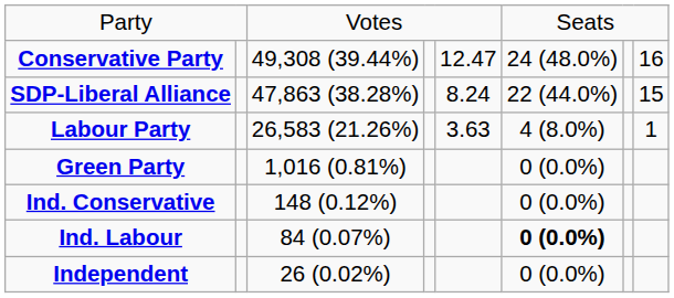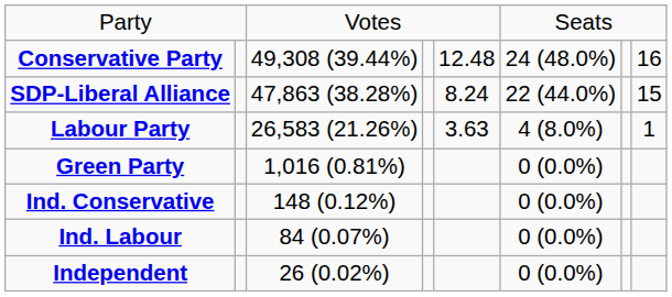 <table class=wikitable style="text-align:center;">
 <tr>
 <td colspan=2>Party</td>
 <td colspan=3>Votes</td>
 <td colspan=3>Seats</td>
 </tr>
 <tr>
 <td><strong><a href='#'>Conservative Party</a></strong></td>
 <td style="background:"></td>
 <td>49,308 (39.44%)</td>
 <td></td>
-<td>12.47</td>
+<td>12.48</td>
 <td>24 (48.0%)</td>
 <td></td>
 <td>16</td>
 </tr>
 <tr>
 <td><strong><a href='#'>SDP-Liberal Alliance</a></strong></td>
 <td style="background:"></td>
 <td>47,863 (38.28%)</td>
 <td></td>
 <td>8.24</td>
 <td>22 (44.0%)</td>
 <td></td>
 <td>15</td>
 </tr>
 <tr>
 <td><strong><a href='#'>Labour Party</a></strong></td>
 <td style="background:"></td>
 <td>26,583 (21.26%)</td>
 <td></td>
 <td>3.63</td>
 <td>4 (8.0%)</td>
 <td></td>
 <td>1</td>
 </tr>
 <tr>
 <td><strong><a href='#'>Green Party</a></strong></td>
 <td style="background:"></td>
 <td>1,016 (0.81%)</td>
 <td></td>
 <td></td>
 <td>0 (0.0%)</td>
 <td></td>
 <td></td>
 </tr>
 <tr>
 <td><strong><a href='#'>Ind. Conservative</a></strong></td>
 <td style="background:"></td>
 <td>148 (0.12%)</td>
 <td></td>
 <td></td>
 <td>0 (0.0%)</td>
 <td></td>
 <td></td>
 </tr>
 <tr>
 <td><strong><a href='#'>Ind. Labour</a></strong></td>
 <td style="background:"></td>
 <td>84 (0.07%)</td>
 <td></td>
 <td></td>
-<td><strong>0 (0.0%)</strong></td>
+<td>0 (0.0%)</td>
 <td></td>
 <td></td>
 </tr>
 <tr>
 <td><strong><a href='#'>Independent</a></strong></td>
 <td style="background:"></td>
 <td>26 (0.02%)</td>
 <td></td>
 <td></td>
 <td>0 (0.0%)</td>
 <td></td>
 <td></td>
 </tr>
 </table>
